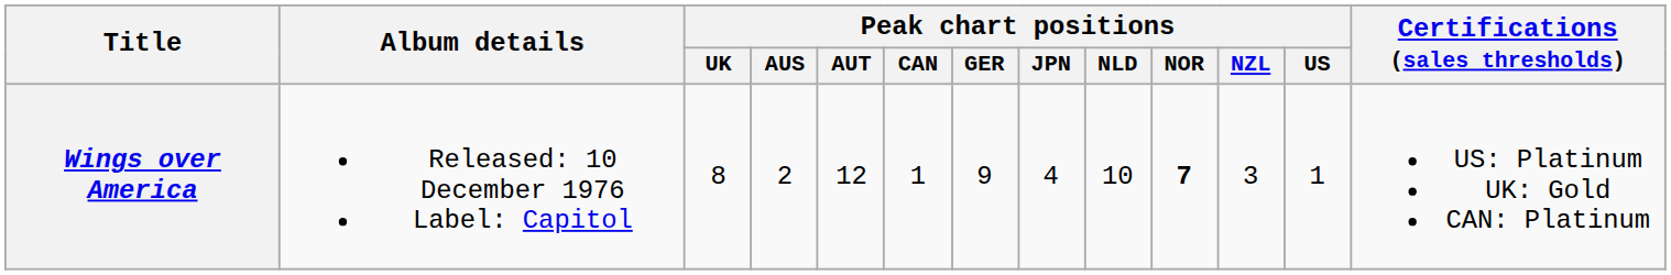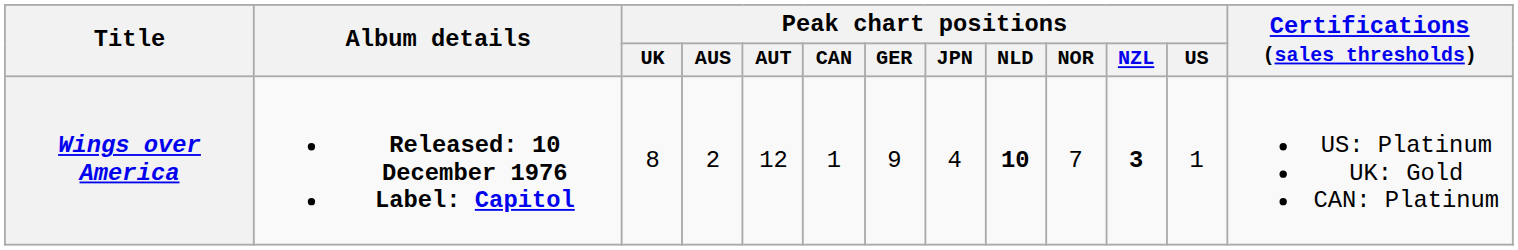 <table class="wikitable plainrowheaders" style="text-align:center">
 <tr>
 <th scope="col" rowspan="2" style="width:10em">Title</th>
 <th scope="col" rowspan="2" style="width:15em">Album details</th>
 <th scope="col" colspan="10">Peak chart positions</th>
 <th scope="col" rowspan="2" width="150"><a href='#'>Certifications</a><br><small>(<a href='#'>sales thresholds</a>)</small></th>
 </tr>
 <tr>
 <th scope="col" style="width:2.5em;font-size:85%">UK<br></th>
 <th scope="col" style="width:2.5em;font-size:85%">AUS<br></th>
 <th scope="col" style="width:2.5em;font-size:85%">AUT<br></th>
 <th scope="col" style="width:2.5em;font-size:85%">CAN<br></th>
 <th scope="col" style="width:2.5em;font-size:85%">GER<br></th>
 <th scope="col" style="width:2.5em;font-size:85%">JPN<br></th>
 <th scope="col" style="width:2.5em;font-size:85%">NLD<br></th>
 <th scope="col" style="width:2.5em;font-size:85%">NOR<br></th>
 <th scope="col" style="width:2.5em;font-size:85%"><a href='#'>NZL</a><br></th>
 <th scope="col" style="width:2.5em;font-size:85%">US<br></th>
 </tr>
 <tr>
 <th scope="row"><em><a href='#'>Wings over America</a></em></th>
-<td><br><ul><li>Released: 10 December 1976</li><li>Label: <a href='#'>Capitol</a></li></ul></td>
+<td><strong><br><ul><li>Released: 10 December 1976</li><li>Label: <a href='#'>Capitol</a></li></ul></strong></td>
 <td>8</td>
 <td>2</td>
 <td>12</td>
 <td>1</td>
 <td>9</td>
 <td>4</td>
-<td>10</td>
-<td><strong>7</strong></td>
-<td>3</td>
+<td><strong>10</strong></td>
+<td>7</td>
+<td><strong>3</strong></td>
 <td>1</td>
 <td><br><ul><li>US: Platinum</li><li>UK: Gold</li><li>CAN: Platinum</li></ul></td>
 </tr>
 </table>
